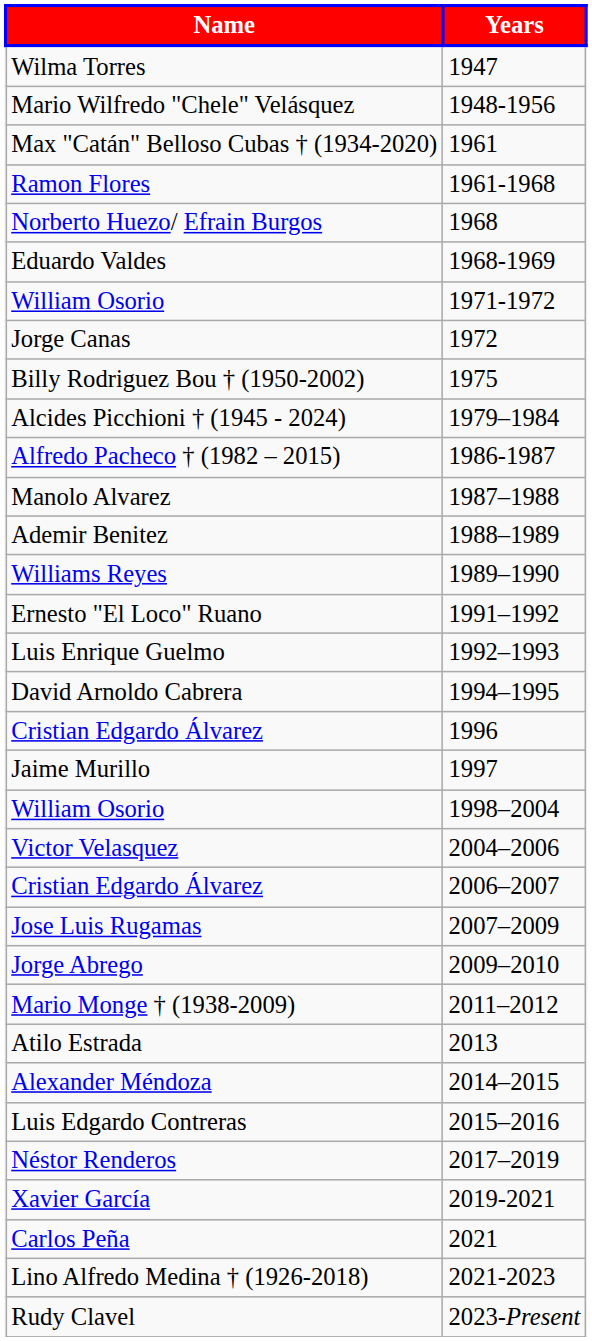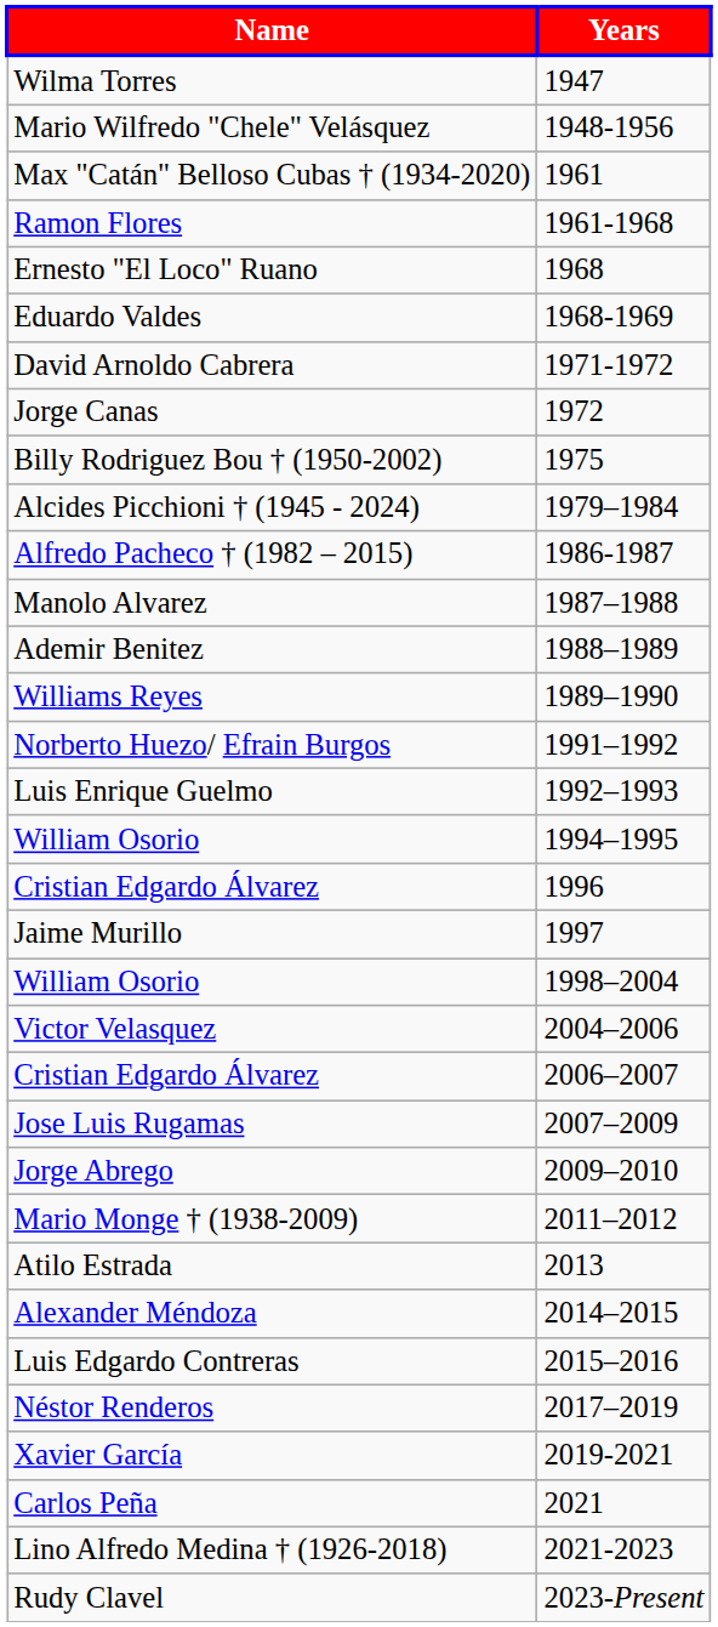 <table class="wikitable">
 <tr>
 <th style="background:#FF0000; color:#FFF; border:2px solid #0000FF;">Name</th>
 <th style="background:#FF0000; color:#FFF; border:2px solid #0000FF;">Years</th>
 </tr>
 <tr>
 <td> Wilma Torres</td>
 <td>1947</td>
 </tr>
 <tr>
 <td> Mario Wilfredo "Chele" Velásquez</td>
 <td>1948-1956</td>
 </tr>
 <tr>
 <td> Max "Catán" Belloso Cubas † (1934-2020)</td>
 <td>1961</td>
 </tr>
 <tr>
 <td> <a href='#'>Ramon Flores</a></td>
 <td>1961-1968</td>
 </tr>
 <tr>
-<td> <a href='#'>Norberto Huezo</a>/ <a href='#'>Efrain Burgos</a></td>
+<td> Ernesto "El Loco" Ruano</td>
 <td>1968</td>
 </tr>
 <tr>
 <td> Eduardo Valdes</td>
 <td>1968-1969</td>
 </tr>
 <tr>
-<td> <a href='#'>William Osorio</a></td>
+<td> David Arnoldo Cabrera</td>
 <td>1971-1972</td>
 </tr>
 <tr>
 <td> Jorge Canas</td>
 <td>1972</td>
 </tr>
 <tr>
 <td> Billy Rodriguez Bou † (1950-2002)</td>
 <td>1975</td>
 </tr>
 <tr>
 <td> Alcides Picchioni † (1945 - 2024)</td>
 <td>1979–1984</td>
 </tr>
 <tr>
 <td> <a href='#'>Alfredo Pacheco</a> † (1982 – 2015)</td>
 <td>1986-1987</td>
 </tr>
 <tr>
 <td> Manolo Alvarez</td>
 <td>1987–1988</td>
 </tr>
 <tr>
 <td> Ademir Benitez</td>
 <td>1988–1989</td>
 </tr>
 <tr>
 <td>  <a href='#'>Williams Reyes</a></td>
 <td>1989–1990</td>
 </tr>
 <tr>
-<td> Ernesto "El Loco" Ruano</td>
+<td> <a href='#'>Norberto Huezo</a>/ <a href='#'>Efrain Burgos</a></td>
 <td>1991–1992</td>
 </tr>
 <tr>
 <td> Luis Enrique Guelmo</td>
 <td>1992–1993</td>
 </tr>
 <tr>
-<td> David Arnoldo Cabrera</td>
+<td> <a href='#'>William Osorio</a></td>
 <td>1994–1995</td>
 </tr>
 <tr>
 <td> <a href='#'>Cristian Edgardo Álvarez</a></td>
 <td>1996</td>
 </tr>
 <tr>
 <td> Jaime Murillo</td>
 <td>1997</td>
 </tr>
 <tr>
 <td> <a href='#'>William Osorio</a></td>
 <td>1998–2004</td>
 </tr>
 <tr>
 <td> <a href='#'>Victor Velasquez</a></td>
 <td>2004–2006</td>
 </tr>
 <tr>
 <td> <a href='#'>Cristian Edgardo Álvarez</a></td>
 <td>2006–2007</td>
 </tr>
 <tr>
 <td> <a href='#'>Jose Luis Rugamas</a></td>
 <td>2007–2009</td>
 </tr>
 <tr>
 <td> <a href='#'>Jorge Abrego</a></td>
 <td>2009–2010</td>
 </tr>
 <tr>
 <td> <a href='#'>Mario Monge</a> † (1938-2009)</td>
 <td>2011–2012</td>
 </tr>
 <tr>
 <td> Atilo Estrada</td>
 <td>2013</td>
 </tr>
 <tr>
 <td> <a href='#'>Alexander Méndoza</a></td>
 <td>2014–2015</td>
 </tr>
 <tr>
 <td> Luis Edgardo Contreras</td>
 <td>2015–2016</td>
 </tr>
 <tr>
 <td> <a href='#'>Néstor Renderos</a></td>
 <td>2017–2019</td>
 </tr>
 <tr>
 <td><a href='#'>Xavier García</a></td>
 <td>2019-2021</td>
 </tr>
 <tr>
 <td> <a href='#'>Carlos Peña</a></td>
 <td>2021</td>
 </tr>
 <tr>
 <td> Lino Alfredo Medina † (1926-2018) </td>
 <td>2021-2023</td>
 </tr>
 <tr>
 <td> Rudy Clavel</td>
 <td>2023-<em>Present</em></td>
 </tr>
 </table>
